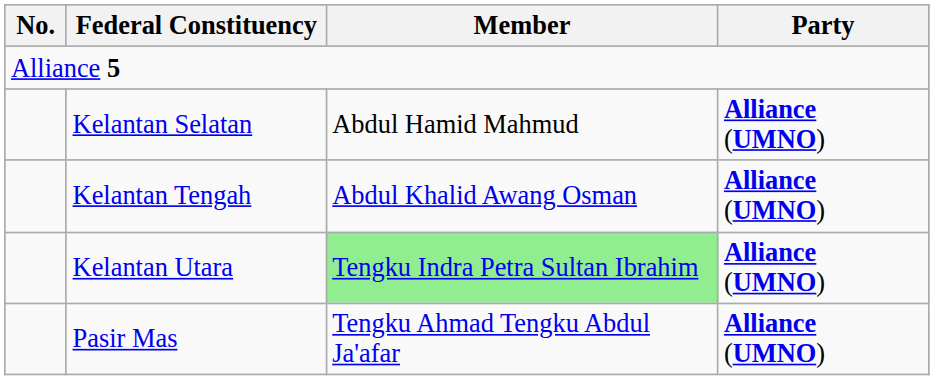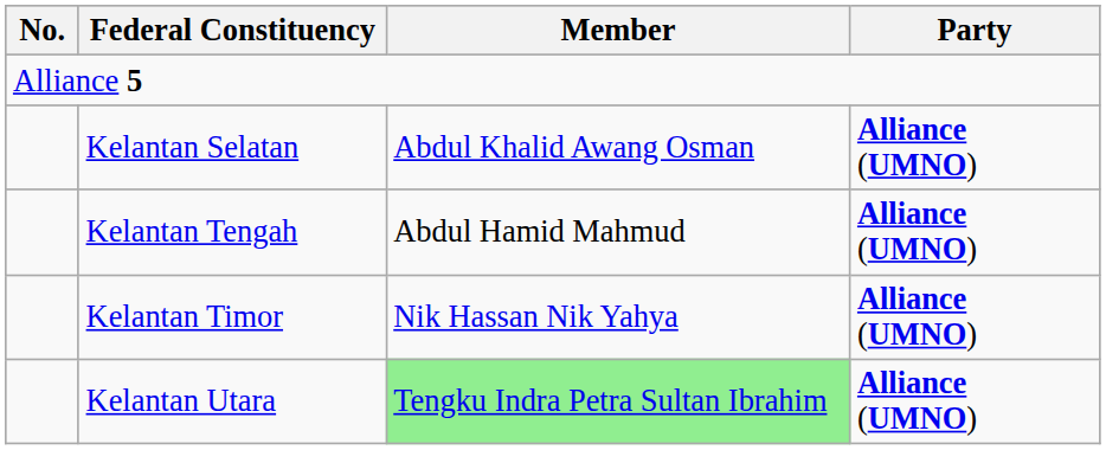 <table class="wikitable sortable">
 <tr>
 <th style="width:30px;">No.</th>
 <th style="width:150px;">Federal Constituency</th>
 <th style="width:230px;">Member</th>
 <th style="width:120px;">Party</th>
 </tr>
 <tr>
 <td colspan="4"><a href='#'>Alliance</a> <strong>5</strong></td>
 </tr>
 <tr>
 <td></td>
 <td><a href='#'>Kelantan Selatan</a></td>
+<td><a href='#'>Abdul Khalid Awang Osman</a></td>
+<td><strong><a href='#'>Alliance</a></strong> (<strong><a href='#'>UMNO</a></strong>)</td>
+</tr>
+<tr>
+<td></td>
+<td><a href='#'>Kelantan Tengah</a></td>
 <td>Abdul Hamid Mahmud</td>
 <td><strong><a href='#'>Alliance</a></strong> (<strong><a href='#'>UMNO</a></strong>)</td>
 </tr>
 <tr>
 <td></td>
-<td><a href='#'>Kelantan Tengah</a></td>
-<td><a href='#'>Abdul Khalid Awang Osman</a></td>
+<td><a href='#'>Kelantan Timor</a></td>
+<td><a href='#'>Nik Hassan Nik Yahya</a></td>
 <td><strong><a href='#'>Alliance</a></strong> (<strong><a href='#'>UMNO</a></strong>)</td>
 </tr>
 <tr>
 <td></td>
 <td><a href='#'>Kelantan Utara</a></td>
 <td style="background: lightgreen;"><a href='#'>Tengku Indra Petra Sultan Ibrahim</a></td>
 <td><strong><a href='#'>Alliance</a></strong> (<strong><a href='#'>UMNO</a></strong>)</td>
 </tr>
-<tr>
-<td></td>
-<td><a href='#'>Pasir Mas</a></td>
-<td><a href='#'>Tengku Ahmad Tengku Abdul Ja'afar</a></td>
-<td><strong><a href='#'>Alliance</a></strong> (<strong><a href='#'>UMNO</a></strong>)</td>
-</tr>
 </table>
